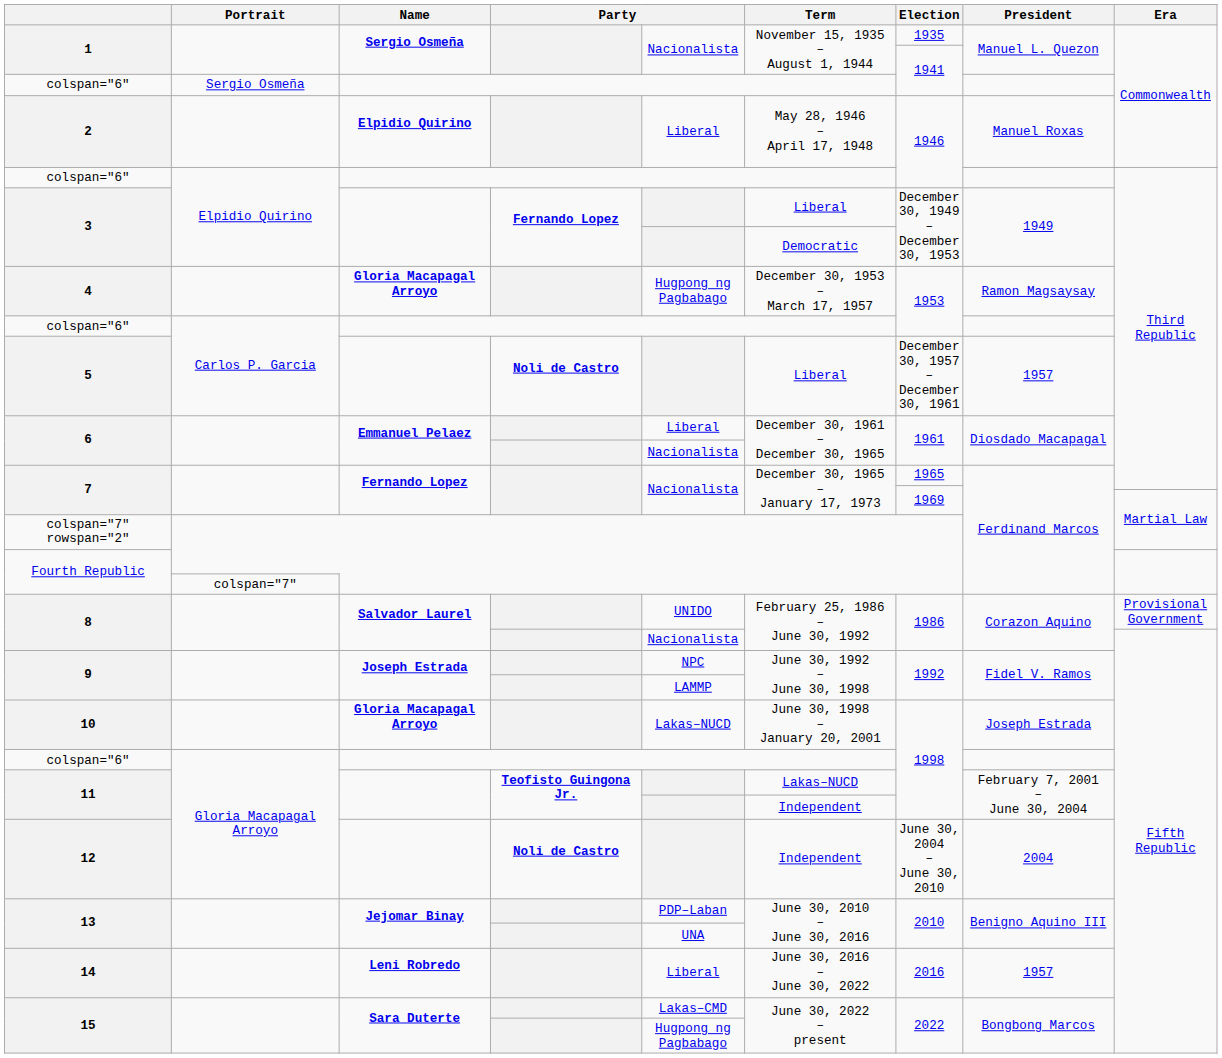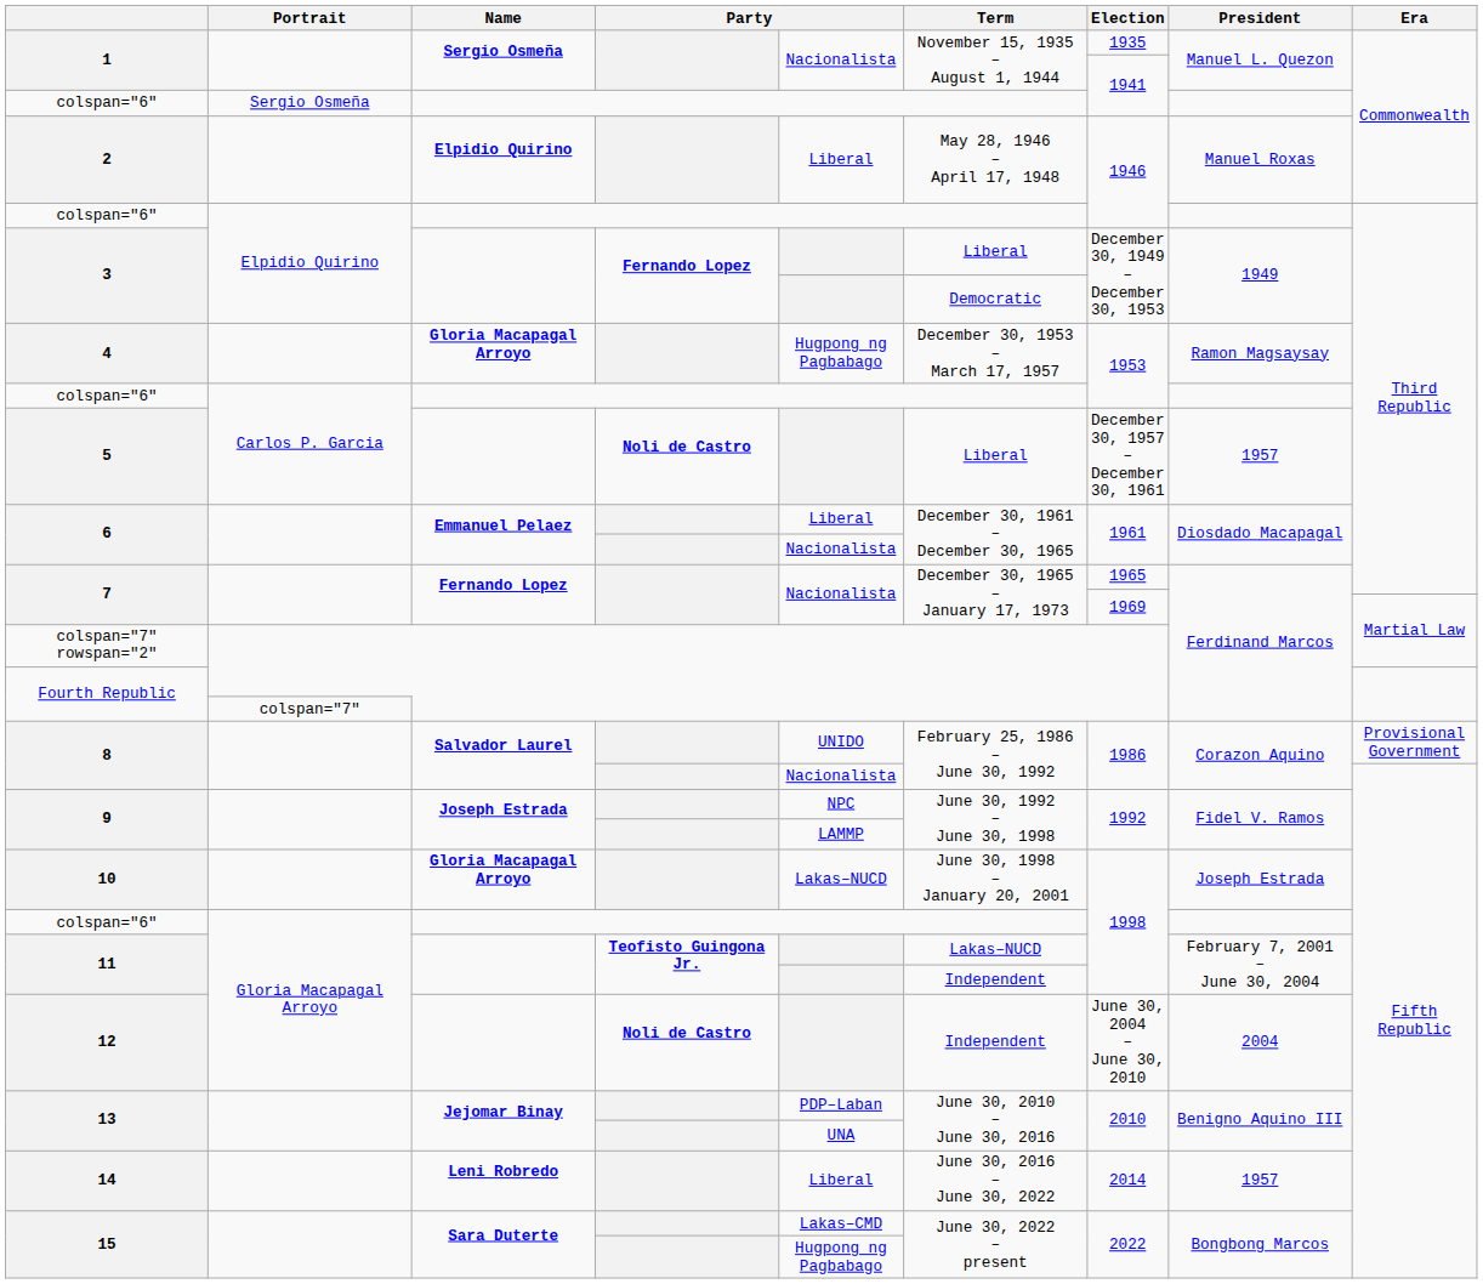 <table class="wikitable sortable sticky-header" style=text-align:center;>
 <tr>
 <th scope="col"></th>
 <th scope="col" class="unsortable">Portrait</th>
 <th scope="col" width="150px">Name</th>
 <th scope="col" colspan="2">Party</th>
 <th scope="col" class="unsortable" width="150px">Term</th>
 <th scope="col" class="unsortable" width="50px">Election</th>
 <th scope="col" width="150px">President</th>
 <th scope="col" class="unsortable" width="100px">Era</th>
 </tr>
 <tr>
 <th rowspan="2">1</th>
 <td rowspan="2"></td>
 <td rowspan="2"><strong><a href='#'>Sergio Osmeña</a></strong><br><br></td>
 <th rowspan="2" style="background:"></th>
 <td rowspan="2" width="100px"><a href='#'>Nacionalista</a></td>
 <td rowspan="2">November 15, 1935<br>–<br>August 1, 1944<br></td>
 <td><a href='#'>1935</a></td>
 <td rowspan="2"><a href='#'>Manuel L. Quezon</a></td>
 <td rowspan="4"><a href='#'>Commonwealth</a></td>
 </tr>
 <tr>
 <td rowspan="2"><a href='#'>1941</a></td>
 </tr>
 <tr>
 <td>colspan="6" </td>
 <td><a href='#'>Sergio Osmeña</a></td>
 </tr>
 <tr style="height:74px">
 <th rowspan="2">2</th>
 <td rowspan="2"></td>
 <td rowspan="2"><strong><a href='#'>Elpidio Quirino</a></strong><br><br></td>
 <th rowspan="2" style="background:"></th>
 <td rowspan="2"><a href='#'>Liberal</a></td>
 <td rowspan="2">May 28, 1946<br>–<br>April 17, 1948<br></td>
 <td rowspan="3"><a href='#'>1946</a></td>
 <td rowspan="2"><a href='#'>Manuel Roxas</a></td>
 </tr>
 <tr>
 <td rowspan="11"><a href='#'>Third Republic</a></td>
 </tr>
 <tr>
 <td>colspan="6" </td>
 <td rowspan="3"><a href='#'>Elpidio Quirino</a></td>
 </tr>
 <tr>
 <th rowspan="2">3</th>
 <td rowspan="2"></td>
 <td rowspan="2"><strong><a href='#'>Fernando Lopez</a></strong><br><br></td>
 <th style="background:"></th>
 <td><a href='#'>Liberal</a><br></td>
 <td rowspan="2">December 30, 1949<br>–<br>December 30, 1953<br></td>
 <td rowspan="2"><a href='#'>1949</a></td>
 </tr>
 <tr>
 <th style="background:"></th>
 <td><a href='#'>Democratic</a><br></td>
 </tr>
 <tr>
 <th>4</th>
 <td></td>
 <td><strong><a href='#'>Gloria Macapagal Arroyo</a></strong><br><br></td>
 <th style="background:"></th>
 <td><a href='#'>Hugpong ng Pagbabago</a></td>
 <td>December 30, 1953<br>–<br>March 17, 1957<br></td>
 <td rowspan="2"><a href='#'>1953</a></td>
 <td><a href='#'>Ramon Magsaysay</a></td>
 </tr>
 <tr>
 <td>colspan="6" </td>
 <td rowspan="2"><a href='#'>Carlos P. Garcia</a></td>
 </tr>
 <tr>
 <th>5</th>
 <td></td>
 <td><strong><a href='#'>Noli de Castro</a></strong><br><br></td>
 <th style="background:"></th>
 <td><a href='#'>Liberal</a></td>
 <td>December 30, 1957<br>–<br>December 30, 1961<br></td>
 <td><a href='#'>1957</a></td>
 </tr>
 <tr>
 <th rowspan="2">6</th>
 <td rowspan="2"></td>
 <td rowspan="2"><strong><a href='#'>Emmanuel Pelaez</a></strong><br><br></td>
 <th style="background:"></th>
 <td><a href='#'>Liberal</a></td>
 <td rowspan="2">December 30, 1961<br>–<br>December 30, 1965<br></td>
 <td rowspan="2"><a href='#'>1961</a></td>
 <td rowspan="2"><a href='#'>Diosdado Macapagal</a></td>
 </tr>
 <tr>
 <th style="background:"></th>
 <td><a href='#'>Nacionalista</a><br></td>
 </tr>
 <tr>
 <th rowspan="3">7</th>
 <td rowspan="3"></td>
 <td rowspan="3"><strong><a href='#'>Fernando Lopez</a></strong><br><br></td>
 <th rowspan="3" style="background:"></th>
 <td rowspan="3"><a href='#'>Nacionalista</a></td>
 <td rowspan="3">December 30, 1965<br>–<br>January 17, 1973<br></td>
 <td><a href='#'>1965</a></td>
 <td rowspan="6"><a href='#'>Ferdinand Marcos</a></td>
 </tr>
 <tr>
 <td rowspan="2"><a href='#'>1969</a></td>
 </tr>
 <tr>
 <td rowspan="2"><a href='#'>Martial Law</a></td>
 </tr>
 <tr style="height:25px">
 <td>colspan="7" rowspan="2" </td>
 </tr>
 <tr style="height:25px">
 <td rowspan="2"><a href='#'>Fourth Republic</a></td>
 </tr>
 <tr>
 <td>colspan="7" </td>
 </tr>
 <tr>
 <th rowspan="3">8</th>
 <td rowspan="3"></td>
 <td rowspan="3"><strong><a href='#'>Salvador Laurel</a></strong><br><br></td>
 <th rowspan="2" style="background:"></th>
 <td rowspan="2"><a href='#'>UNIDO</a><br></td>
 <td rowspan="3">February 25, 1986<br>–<br>June 30, 1992<br></td>
 <td rowspan="3"><a href='#'>1986</a></td>
 <td rowspan="3"><a href='#'>Corazon Aquino</a></td>
 <td><a href='#'>Provisional Government</a></td>
 </tr>
 <tr>
 <td rowspan="14"><a href='#'>Fifth Republic</a></td>
 </tr>
 <tr>
 <th style="background:"></th>
 <td><a href='#'>Nacionalista</a><br></td>
 </tr>
 <tr>
 <th rowspan="2">9</th>
 <td rowspan="2"></td>
 <td rowspan="2"><strong><a href='#'>Joseph Estrada</a></strong><br><br></td>
 <th style="background:"></th>
 <td><a href='#'>NPC</a><br></td>
 <td rowspan="2">June 30, 1992<br>–<br>June 30, 1998<br></td>
 <td rowspan="2"><a href='#'>1992</a></td>
 <td rowspan="2"><a href='#'>Fidel V. Ramos</a></td>
 </tr>
 <tr>
 <th style="background:"></th>
 <td><a href='#'>LAMMP</a><br></td>
 </tr>
 <tr>
 <th>10</th>
 <td></td>
 <td><strong><a href='#'>Gloria Macapagal Arroyo</a></strong><br><br></td>
 <th style="background:"></th>
 <td><a href='#'>Lakas–NUCD</a></td>
 <td>June 30, 1998<br>–<br>January 20, 2001<br></td>
 <td rowspan="4"><a href='#'>1998</a></td>
 <td><a href='#'>Joseph Estrada</a></td>
 </tr>
 <tr>
 <td>colspan="6" </td>
 <td rowspan="4"><a href='#'>Gloria Macapagal Arroyo</a></td>
 </tr>
 <tr>
 <th rowspan="2">11</th>
 <td rowspan="2"></td>
 <td rowspan="2"><strong><a href='#'>Teofisto Guingona Jr.</a></strong><br><br></td>
 <th style="background:"></th>
 <td><a href='#'>Lakas–NUCD</a><br></td>
 <td rowspan="2">February 7, 2001<br>–<br>June 30, 2004<br></td>
 </tr>
 <tr>
 <th style="background:"></th>
 <td><a href='#'>Independent</a><br></td>
 </tr>
 <tr>
 <th>12</th>
 <td></td>
 <td><strong><a href='#'>Noli de Castro</a></strong><br><br></td>
 <th style="background:"></th>
 <td><a href='#'>Independent</a></td>
 <td>June 30, 2004<br>–<br>June 30, 2010<br></td>
 <td><a href='#'>2004</a></td>
 </tr>
 <tr>
 <th rowspan="2">13</th>
 <td rowspan="2"></td>
 <td rowspan="2"><strong><a href='#'>Jejomar Binay</a></strong><br><br></td>
 <th style="background:"></th>
 <td><a href='#'>PDP–Laban</a><br></td>
 <td rowspan="2">June 30, 2010<br>–<br>June 30, 2016<br></td>
 <td rowspan="2"><a href='#'>2010</a></td>
 <td rowspan="2"><a href='#'>Benigno Aquino III</a></td>
 </tr>
 <tr>
 <th style="background:"></th>
 <td><a href='#'>UNA</a><br></td>
 </tr>
 <tr>
 <th>14</th>
 <td></td>
 <td><strong><a href='#'>Leni Robredo</a></strong><br><br></td>
 <th style="background:"></th>
 <td><a href='#'>Liberal</a></td>
 <td>June 30, 2016<br>–<br>June 30, 2022<br></td>
-<td><a href='#'>2016</a></td>
+<td><a href='#'>2014</a></td>
 <td><a href='#'>1957</a></td>
 </tr>
 <tr>
 <th rowspan="2">15</th>
 <td rowspan="2"></td>
 <td rowspan="2"><strong><a href='#'>Sara Duterte</a></strong><br><br></td>
 <th style="background:"></th>
 <td><a href='#'>Lakas–CMD</a><br></td>
 <td rowspan="2">June 30, 2022<br>–<br>present<br></td>
 <td rowspan="2"><a href='#'>2022</a></td>
 <td rowspan="2"><a href='#'>Bongbong Marcos</a></td>
 </tr>
 <tr>
 <th style="background:"></th>
 <td><a href='#'>Hugpong ng Pagbabago</a></td>
 </tr>
 </table>
